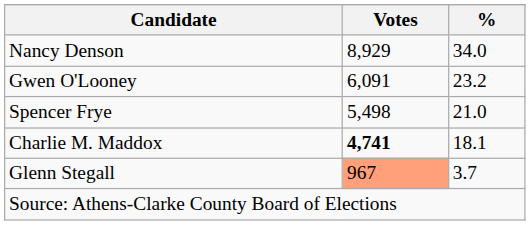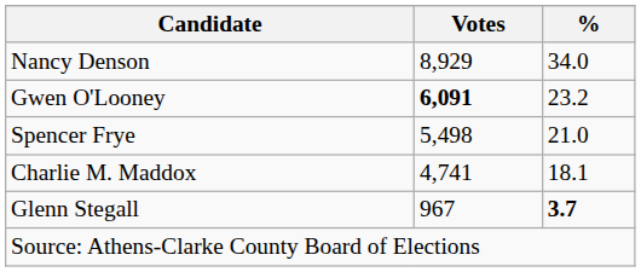 <table class="wikitable">
 <tr style="background-color:#E9E9E9">
 </tr>
 <tr style="background-color:#E9E9E9">
 <th style="width: 17em">Candidate</th>
 <th style="width: 5em">Votes</th>
 <th style="width: 3.5em">%</th>
 </tr>
 <tr>
 <td>Nancy Denson</td>
 <td>8,929</td>
 <td>34.0</td>
 </tr>
 <tr>
 <td>Gwen O'Looney</td>
-<td>6,091</td>
+<td><strong>6,091</strong></td>
 <td>23.2</td>
 </tr>
 <tr>
 <td>Spencer Frye</td>
 <td>5,498</td>
 <td>21.0</td>
 </tr>
 <tr>
 <td>Charlie M. Maddox</td>
-<td><strong>4,741</strong></td>
+<td>4,741</td>
 <td>18.1</td>
 </tr>
 <tr>
 <td>Glenn Stegall</td>
-<td style="background: lightsalmon;">967</td>
-<td>3.7</td>
+<td>967</td>
+<td><strong>3.7</strong></td>
 </tr>
 <tr>
 <td colspan=3>Source: Athens-Clarke County Board of Elections</td>
 </tr>
 </table>
